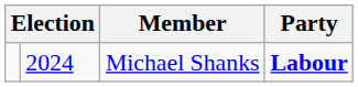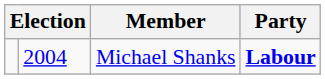 <table class="wikitable">
 <tr>
 <th colspan="2">Election</th>
 <th>Member</th>
 <th>Party</th>
 </tr>
 <tr>
 <td style="color:inherit;background-color: "></td>
-<td><a href='#'>2024</a></td>
+<td><a href='#'>2004</a></td>
 <td><a href='#'>Michael Shanks</a></td>
 <td><strong><a href='#'>Labour</a></strong></td>
 </tr>
 </table>
